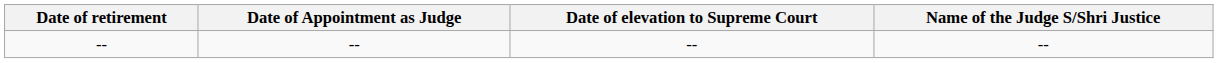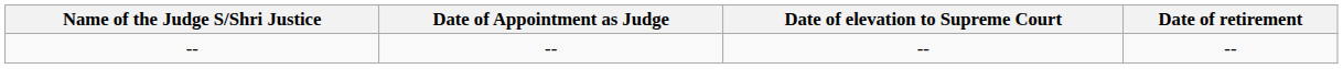 <table class="wikitable static-row-numbers static-row-header" style="text-align:center" width="92%">
 <tr>
-<th>Date of retirement</th>
+<th>Name of the Judge S/Shri Justice</th>
 <th>Date of Appointment as Judge</th>
 <th>Date of elevation to Supreme Court</th>
-<th>Name of the Judge S/Shri Justice</th>
+<th>Date of retirement</th>
 </tr>
 <tr>
 <td>--</td>
 <td>--</td>
 <td>--</td>
 <td>--</td>
 </tr>
 </table>
